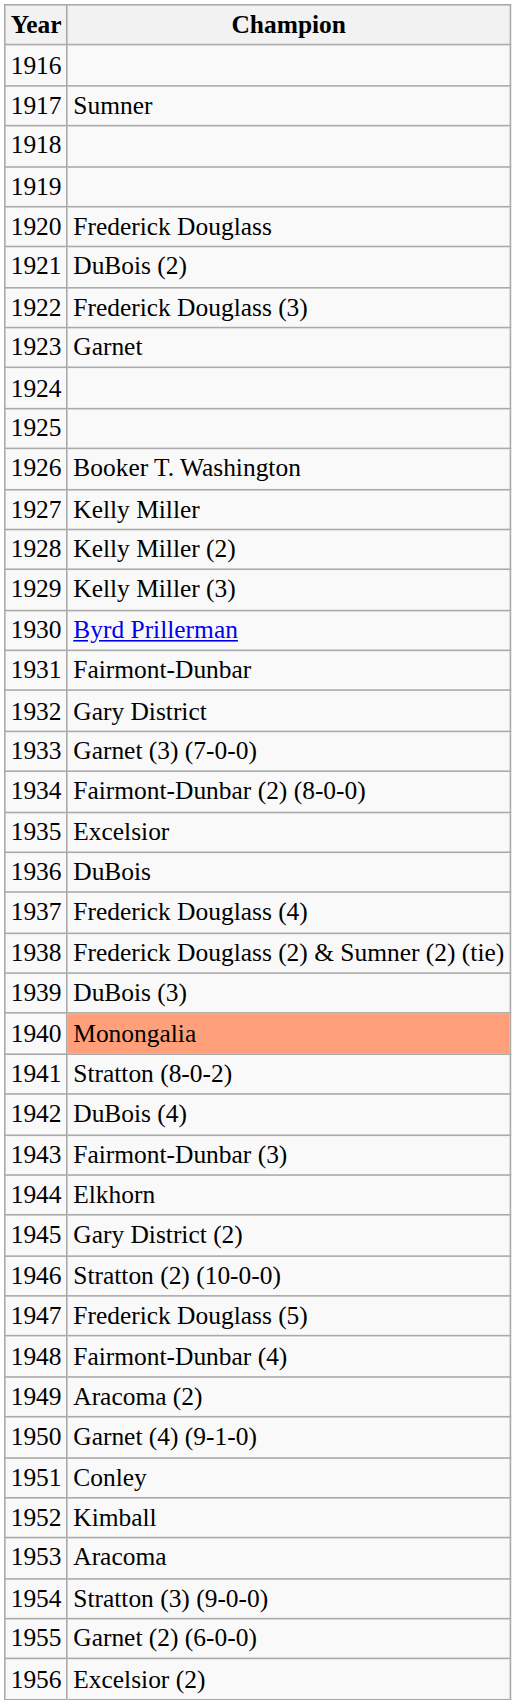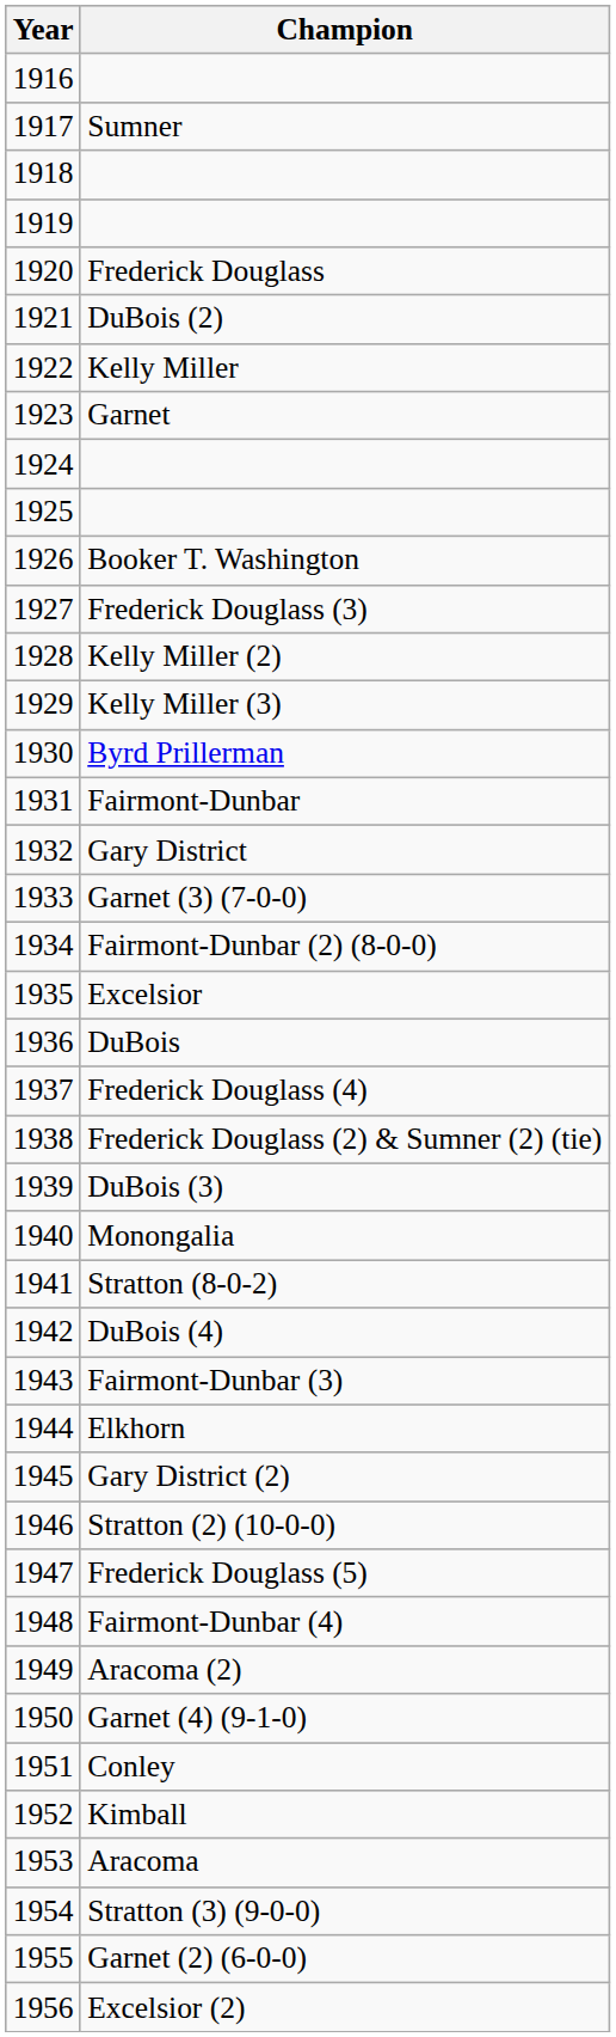 <table class="wikitable">
 <tr>
 <th>Year</th>
 <th>Champion</th>
 </tr>
 <tr>
 <td>1916</td>
 <td></td>
 </tr>
 <tr>
 <td>1917</td>
 <td>Sumner</td>
 </tr>
 <tr>
 <td>1918</td>
 <td></td>
 </tr>
 <tr>
 <td>1919</td>
 <td></td>
 </tr>
 <tr>
 <td>1920</td>
 <td>Frederick Douglass</td>
 </tr>
 <tr>
 <td>1921</td>
 <td>DuBois (2)</td>
 </tr>
 <tr>
 <td>1922</td>
-<td>Frederick Douglass (3)</td>
+<td>Kelly Miller</td>
 </tr>
 <tr>
 <td>1923</td>
 <td>Garnet</td>
 </tr>
 <tr>
 <td>1924</td>
 <td></td>
 </tr>
 <tr>
 <td>1925</td>
 <td></td>
 </tr>
 <tr>
 <td>1926</td>
 <td>Booker T. Washington</td>
 </tr>
 <tr>
 <td>1927</td>
-<td>Kelly Miller</td>
+<td>Frederick Douglass (3)</td>
 </tr>
 <tr>
 <td>1928</td>
 <td>Kelly Miller (2)</td>
 </tr>
 <tr>
 <td>1929</td>
 <td>Kelly Miller (3)</td>
 </tr>
 <tr>
 <td>1930</td>
 <td><a href='#'>Byrd Prillerman</a></td>
 </tr>
 <tr>
 <td>1931</td>
 <td>Fairmont-Dunbar</td>
 </tr>
 <tr>
 <td>1932</td>
 <td>Gary District</td>
 </tr>
 <tr>
 <td>1933</td>
 <td>Garnet (3) (7-0-0)</td>
 </tr>
 <tr>
 <td>1934</td>
 <td>Fairmont-Dunbar (2) (8-0-0)</td>
 </tr>
 <tr>
 <td>1935</td>
 <td>Excelsior</td>
 </tr>
 <tr>
 <td>1936</td>
 <td>DuBois</td>
 </tr>
 <tr>
 <td>1937</td>
 <td>Frederick Douglass (4)</td>
 </tr>
 <tr>
 <td>1938</td>
 <td>Frederick Douglass (2) & Sumner (2) (tie)</td>
 </tr>
 <tr>
 <td>1939</td>
 <td>DuBois (3)</td>
 </tr>
 <tr>
 <td>1940</td>
-<td style="background: lightsalmon;">Monongalia</td>
+<td>Monongalia</td>
 </tr>
 <tr>
 <td>1941</td>
 <td>Stratton (8-0-2)</td>
 </tr>
 <tr>
 <td>1942</td>
 <td>DuBois (4)</td>
 </tr>
 <tr>
 <td>1943</td>
 <td>Fairmont-Dunbar (3)</td>
 </tr>
 <tr>
 <td>1944</td>
 <td>Elkhorn</td>
 </tr>
 <tr>
 <td>1945</td>
 <td>Gary District (2)</td>
 </tr>
 <tr>
 <td>1946</td>
 <td>Stratton (2) (10-0-0)</td>
 </tr>
 <tr>
 <td>1947</td>
 <td>Frederick Douglass (5)</td>
 </tr>
 <tr>
 <td>1948</td>
 <td>Fairmont-Dunbar (4)</td>
 </tr>
 <tr>
 <td>1949</td>
 <td>Aracoma (2)</td>
 </tr>
 <tr>
 <td>1950</td>
 <td>Garnet (4) (9-1-0)</td>
 </tr>
 <tr>
 <td>1951</td>
 <td>Conley</td>
 </tr>
 <tr>
 <td>1952</td>
 <td>Kimball</td>
 </tr>
 <tr>
 <td>1953</td>
 <td>Aracoma</td>
 </tr>
 <tr>
 <td>1954</td>
 <td>Stratton (3) (9-0-0)</td>
 </tr>
 <tr>
 <td>1955</td>
 <td>Garnet (2) (6-0-0)</td>
 </tr>
 <tr>
 <td>1956</td>
 <td>Excelsior (2)</td>
 </tr>
 </table>
